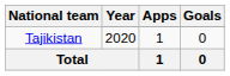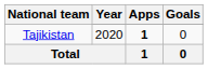 <table class="wikitable" style="text-align:center">
 <tr>
 <th>National team</th>
 <th>Year</th>
 <th>Apps</th>
 <th>Goals</th>
 </tr>
 <tr>
 <td rowspan="2"><a href='#'>Tajikistan</a></td>
 </tr>
 <tr>
 <td>2020</td>
-<td>1</td>
+<td><strong>1</strong></td>
 <td>0</td>
 </tr>
 <tr>
 <th colspan="2">Total</th>
 <th>1</th>
 <th>0</th>
 </tr>
 </table>
